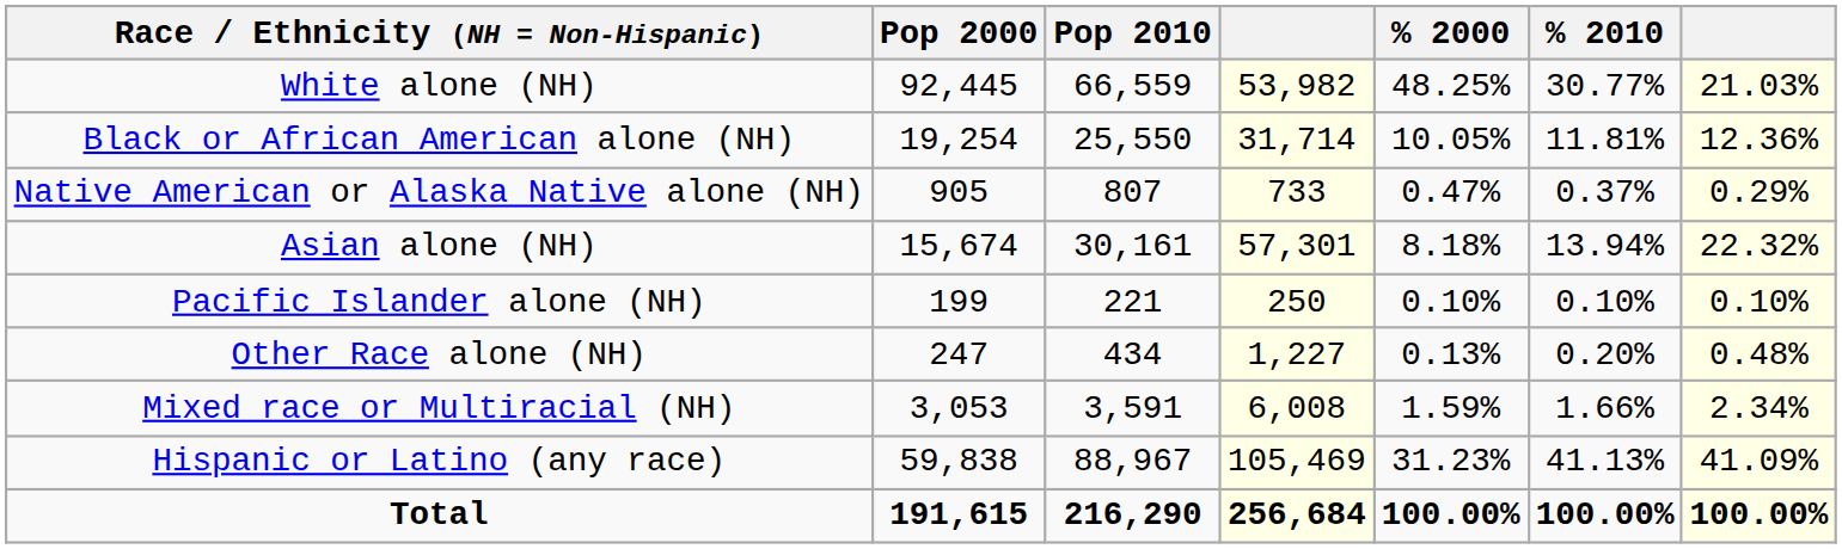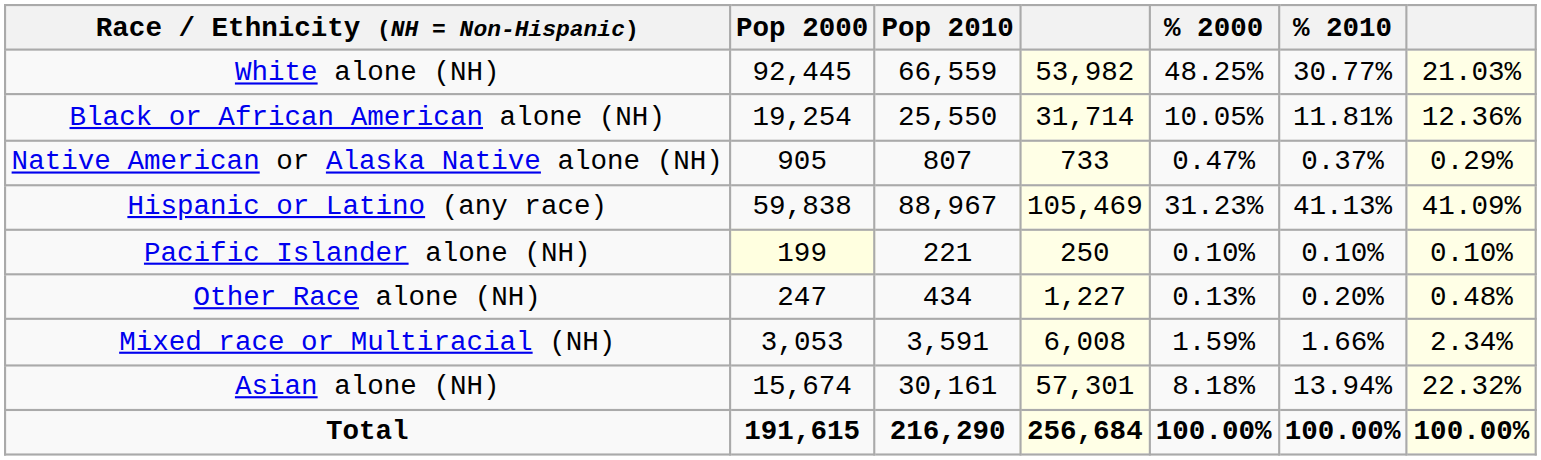 <table class="wikitable" style="text-align:center;">
 <tr>
 <th>Race / Ethnicity <small>(<em>NH = Non-Hispanic</em>)</small></th>
 <th>Pop 2000</th>
 <th>Pop 2010</th>
 <th></th>
 <th>% 2000</th>
 <th>% 2010</th>
 <th></th>
 </tr>
 <tr>
 <td><a href='#'>White</a> alone (NH)</td>
 <td>92,445</td>
 <td>66,559</td>
 <td style='background: #ffffe6;'>53,982</td>
 <td>48.25%</td>
 <td>30.77%</td>
 <td style='background: #ffffe6;'>21.03%</td>
 </tr>
 <tr>
 <td><a href='#'>Black or African American</a> alone (NH)</td>
 <td>19,254</td>
 <td>25,550</td>
 <td style='background: #ffffe6;'>31,714</td>
 <td>10.05%</td>
 <td>11.81%</td>
 <td style='background: #ffffe6;'>12.36%</td>
 </tr>
 <tr>
 <td><a href='#'>Native American</a> or <a href='#'>Alaska Native</a> alone (NH)</td>
 <td>905</td>
 <td>807</td>
 <td style='background: #ffffe6;'>733</td>
 <td>0.47%</td>
 <td>0.37%</td>
 <td style='background: #ffffe6;'>0.29%</td>
 </tr>
 <tr>
-<td><a href='#'>Asian</a> alone (NH)</td>
-<td>15,674</td>
-<td>30,161</td>
-<td style='background: #ffffe6;'>57,301</td>
-<td>8.18%</td>
-<td>13.94%</td>
-<td style='background: #ffffe6;'>22.32%</td>
+<td><a href='#'>Hispanic or Latino</a> (any race)</td>
+<td>59,838</td>
+<td>88,967</td>
+<td style='background: #ffffe6;'>105,469</td>
+<td>31.23%</td>
+<td>41.13%</td>
+<td style='background: #ffffe6;'>41.09%</td>
 </tr>
 <tr>
 <td><a href='#'>Pacific Islander</a> alone (NH)</td>
-<td>199</td>
+<td style="background: lightyellow;">199</td>
 <td>221</td>
 <td style='background: #ffffe6;'>250</td>
 <td>0.10%</td>
 <td>0.10%</td>
 <td style='background: #ffffe6;'>0.10%</td>
 </tr>
 <tr>
 <td><a href='#'>Other Race</a> alone (NH)</td>
 <td>247</td>
 <td>434</td>
 <td style='background: #ffffe6;'>1,227</td>
 <td>0.13%</td>
 <td>0.20%</td>
 <td style='background: #ffffe6;'>0.48%</td>
 </tr>
 <tr>
 <td><a href='#'>Mixed race or Multiracial</a> (NH)</td>
 <td>3,053</td>
 <td>3,591</td>
 <td style='background: #ffffe6;'>6,008</td>
 <td>1.59%</td>
 <td>1.66%</td>
 <td style='background: #ffffe6;'>2.34%</td>
 </tr>
 <tr>
-<td><a href='#'>Hispanic or Latino</a> (any race)</td>
-<td>59,838</td>
-<td>88,967</td>
-<td style='background: #ffffe6;'>105,469</td>
-<td>31.23%</td>
-<td>41.13%</td>
-<td style='background: #ffffe6;'>41.09%</td>
+<td><a href='#'>Asian</a> alone (NH)</td>
+<td>15,674</td>
+<td>30,161</td>
+<td style='background: #ffffe6;'>57,301</td>
+<td>8.18%</td>
+<td>13.94%</td>
+<td style='background: #ffffe6;'>22.32%</td>
 </tr>
 <tr>
 <td><strong>Total</strong></td>
 <td><strong>191,615</strong></td>
 <td><strong>216,290</strong></td>
 <td style='background: #ffffe6;'><strong>256,684</strong></td>
 <td><strong>100.00%</strong></td>
 <td><strong>100.00%</strong></td>
 <td style='background: #ffffe6;'><strong>100.00%</strong></td>
 </tr>
 </table>
